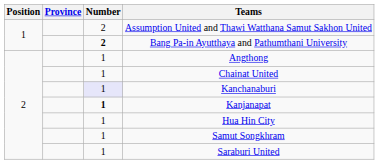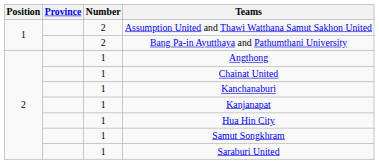 <table class="wikitable">
 <tr>
 <th>Position</th>
 <th><a href='#'>Province</a></th>
 <th>Number</th>
 <th>Teams</th>
 </tr>
 <tr>
 <td align=center rowspan="2">1</td>
 <td></td>
 <td align=center>2</td>
 <td align=center><a href='#'>Assumption United</a> and <a href='#'>Thawi Watthana Samut Sakhon United</a></td>
 </tr>
 <tr>
 <td></td>
-<td align=center><strong>2</strong></td>
+<td align=center>2</td>
 <td align=center><a href='#'>Bang Pa-in Ayutthaya</a> and <a href='#'>Pathumthani University</a></td>
 </tr>
 <tr>
 <td align=center rowspan="7">2</td>
 <td></td>
 <td align=center>1</td>
 <td align=center><a href='#'>Angthong</a></td>
 </tr>
 <tr>
 <td></td>
 <td align=center>1</td>
 <td align=center><a href='#'>Chainat United</a></td>
 </tr>
 <tr>
 <td></td>
-<td align=center style="background: lavender;">1</td>
+<td align=center>1</td>
 <td align=center><a href='#'>Kanchanaburi</a></td>
 </tr>
 <tr>
 <td></td>
-<td align=center><strong>1</strong></td>
+<td align=center>1</td>
 <td align=center><a href='#'>Kanjanapat</a></td>
 </tr>
 <tr>
 <td></td>
 <td align=center>1</td>
 <td align=center><a href='#'>Hua Hin City</a></td>
 </tr>
 <tr>
 <td></td>
 <td align=center>1</td>
 <td align=center><a href='#'>Samut Songkhram</a></td>
 </tr>
 <tr>
 <td></td>
 <td align=center>1</td>
 <td align=center><a href='#'>Saraburi United</a></td>
 </tr>
 </table>
